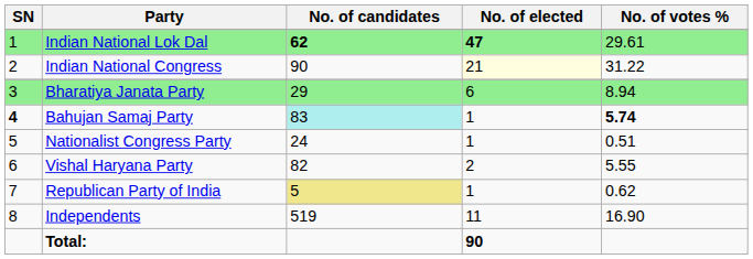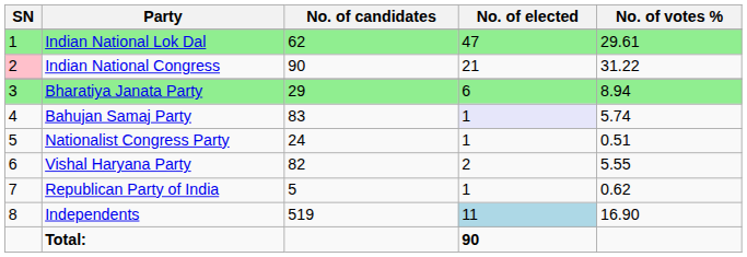 <table class="wikitable sortable" border="1" width=60%>
 <tr>
 <th>SN</th>
 <th>Party</th>
 <th>No. of candidates</th>
 <th>No. of elected</th>
 <th>No. of votes %</th>
 </tr>
 <tr>
 </tr>
 <tr style="background: #90EE90;">
 <td>1</td>
 <td><a href='#'>Indian National Lok Dal</a></td>
-<td><strong>62</strong></td>
-<td><strong>47</strong></td>
+<td>62</td>
+<td>47</td>
 <td>29.61</td>
 </tr>
 <tr>
-<td>2</td>
+<td style="background: pink;">2</td>
 <td><a href='#'>Indian National Congress</a></td>
 <td>90</td>
-<td style="background: lightyellow;">21</td>
+<td>21</td>
 <td>31.22</td>
 </tr>
 <tr>
 </tr>
 <tr style="background: #90EE90;">
 <td>3</td>
 <td><a href='#'>Bharatiya Janata Party</a></td>
 <td>29</td>
 <td>6</td>
 <td>8.94</td>
 </tr>
 <tr>
-<td><strong>4</strong></td>
+<td>4</td>
 <td><a href='#'>Bahujan Samaj Party</a></td>
-<td style="background: paleturquoise;">83</td>
-<td>1</td>
-<td><strong>5.74</strong></td>
+<td>83</td>
+<td style="background: lavender;">1</td>
+<td>5.74</td>
 </tr>
 <tr style=>
 <td>5</td>
 <td><a href='#'>Nationalist Congress Party</a></td>
 <td>24</td>
 <td>1</td>
 <td>0.51</td>
 </tr>
 <tr>
 <td>6</td>
 <td><a href='#'>Vishal Haryana Party</a></td>
 <td>82</td>
 <td>2</td>
 <td>5.55</td>
 </tr>
 <tr>
 <td>7</td>
 <td><a href='#'>Republican Party of India</a></td>
-<td style="background: khaki;">5</td>
+<td>5</td>
 <td>1</td>
 <td>0.62</td>
 </tr>
 <tr>
 <td>8</td>
 <td><a href='#'>Independents</a></td>
 <td>519</td>
-<td>11</td>
+<td style="background: lightblue;">11</td>
 <td>16.90</td>
 </tr>
 <tr>
 <td></td>
 <td><strong>Total:</strong></td>
 <td><strong> </strong></td>
 <td><strong>90</strong></td>
 <td><strong> </strong></td>
 </tr>
 </table>
